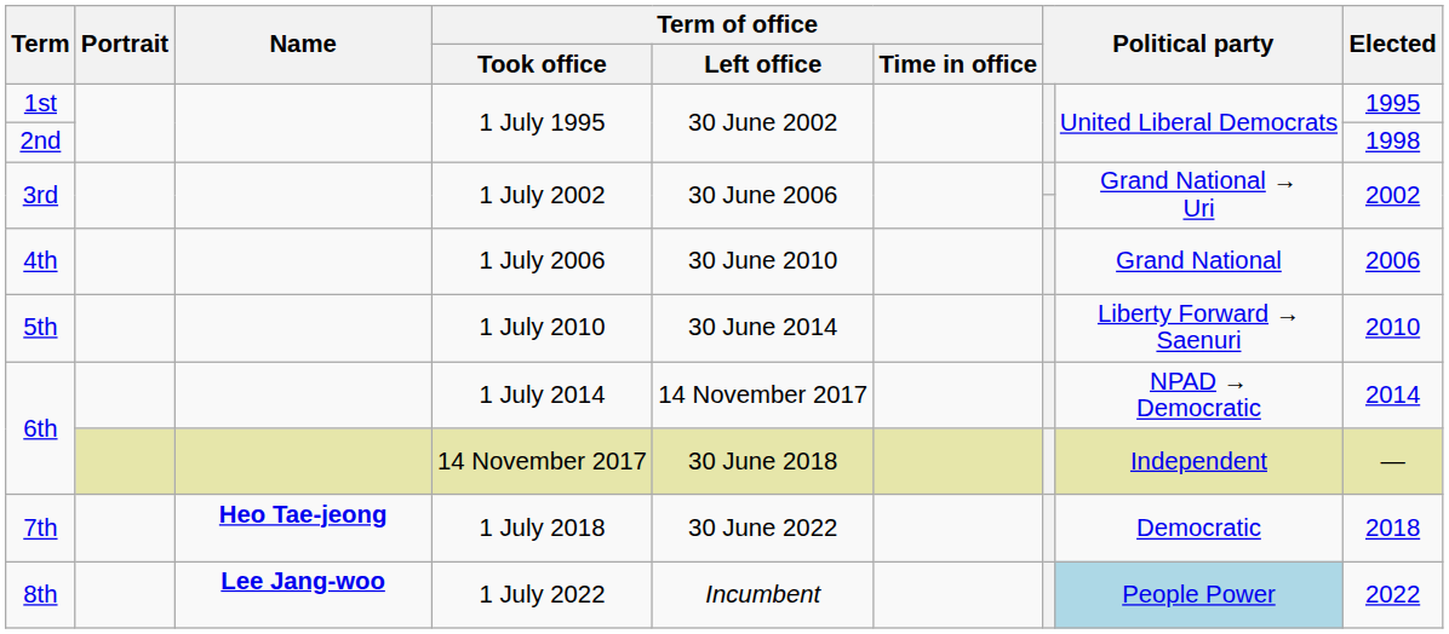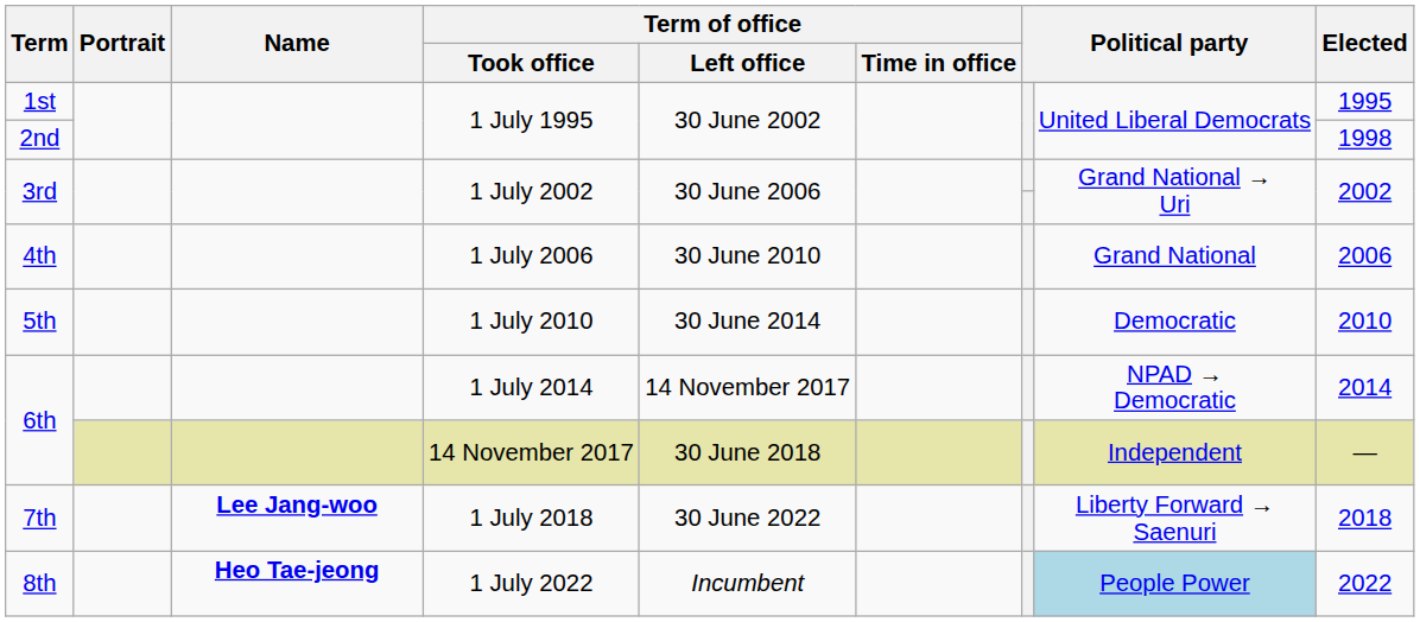 <table class="wikitable" style="text-align:center">
 <tr>
 <th rowspan="2">Term</th>
 <th rowspan="2">Portrait</th>
 <th rowspan="2" width="160">Name<br></th>
 <th colspan="3">Term of office</th>
 <th colspan="2" rowspan="2">Political party</th>
 <th rowspan="2">Elected</th>
 </tr>
 <tr>
 <th>Took office</th>
 <th>Left office</th>
 <th>Time in office</th>
 </tr>
 <tr>
 <td><a href='#'>1st</a></td>
 <td rowspan="2"></td>
 <td rowspan="2"><strong></strong><br><br></td>
 <td rowspan="2">1 July 1995</td>
 <td rowspan="2">30 June 2002</td>
 <td rowspan="2"></td>
 <th rowspan="2" style="background:"></th>
 <td rowspan="2"><a href='#'>United Liberal Democrats</a></td>
 <td><a href='#'>1995</a></td>
 </tr>
 <tr>
 <td><a href='#'>2nd</a></td>
 <td><a href='#'>1998</a></td>
 </tr>
 <tr>
 <td rowspan="2"><a href='#'>3rd</a></td>
 <td rowspan="2"></td>
 <td rowspan="2"><strong></strong><br><br></td>
 <td rowspan="2">1 July 2002</td>
 <td rowspan="2">30 June 2006</td>
 <td rowspan="2"></td>
 <th style="background:"></th>
 <td rowspan="2"><a href='#'>Grand National</a> →<br><a href='#'>Uri</a></td>
 <td rowspan="2"><a href='#'>2002</a></td>
 </tr>
 <tr>
 <th style="background:"></th>
 </tr>
 <tr>
 <td><a href='#'>4th</a></td>
 <td></td>
 <td><strong></strong><br><br></td>
 <td>1 July 2006</td>
 <td>30 June 2010</td>
 <td></td>
 <th style="background:"></th>
 <td><a href='#'>Grand National</a></td>
 <td><a href='#'>2006</a></td>
 </tr>
 <tr>
 <td><a href='#'>5th</a></td>
 <td></td>
 <td><strong></strong><br><br></td>
 <td>1 July 2010</td>
 <td>30 June 2014</td>
 <td></td>
 <th style="background:"></th>
-<td><a href='#'>Liberty Forward</a> →<br><a href='#'>Saenuri</a></td>
+<td><a href='#'>Democratic</a></td>
 <td><a href='#'>2010</a></td>
 </tr>
 <tr>
 <td rowspan="2"><a href='#'>6th</a></td>
 <td></td>
 <td><strong></strong><br><br></td>
 <td>1 July 2014</td>
 <td>14 November 2017</td>
 <td></td>
 <th style="background:"></th>
 <td><a href='#'>NPAD</a> →<br><a href='#'>Democratic</a></td>
 <td><a href='#'>2014</a></td>
 </tr>
 <tr style="background:#E6E6AA;">
 <td></td>
 <td><strong></strong><br><br></td>
 <td>14 November 2017</td>
 <td>30 June 2018</td>
 <td></td>
 <th style="background:"></th>
 <td><a href='#'>Independent</a></td>
 <td>—</td>
 </tr>
 <tr>
 <td><a href='#'>7th</a></td>
 <td></td>
-<td><strong><a href='#'>Heo Tae-jeong</a></strong><br><br></td>
+<td><strong><a href='#'>Lee Jang-woo</a></strong><br><br></td>
 <td>1 July 2018</td>
 <td>30 June 2022</td>
 <td></td>
 <th style="background:"></th>
-<td><a href='#'>Democratic</a></td>
+<td><a href='#'>Liberty Forward</a> →<br><a href='#'>Saenuri</a></td>
 <td><a href='#'>2018</a></td>
 </tr>
 <tr>
 <td><a href='#'>8th</a></td>
 <td></td>
-<td><strong><a href='#'>Lee Jang-woo</a></strong><br><br></td>
+<td><strong><a href='#'>Heo Tae-jeong</a></strong><br><br></td>
 <td>1 July 2022</td>
 <td><em>Incumbent</em></td>
 <td></td>
 <th style="background:"></th>
 <td style="background: lightblue;"><a href='#'>People Power</a></td>
 <td><a href='#'>2022</a></td>
 </tr>
 </table>
